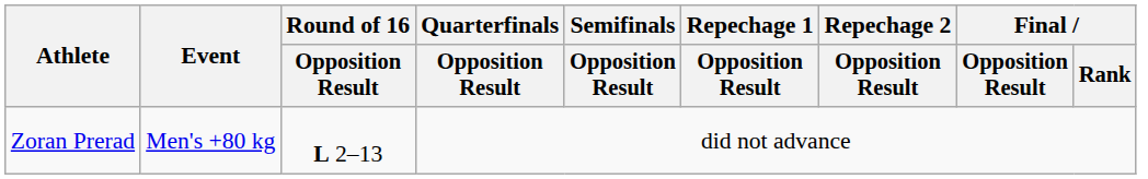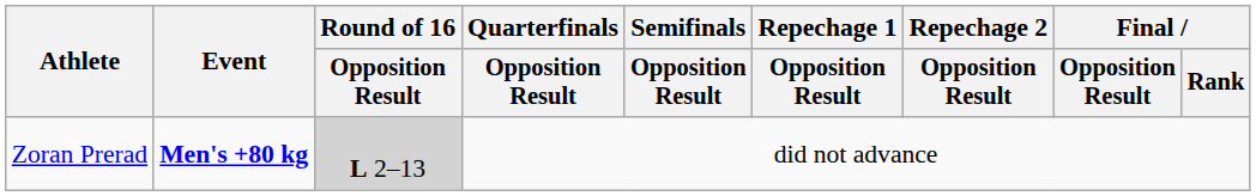 <table class="wikitable" style="font-size:90%;">
 <tr>
 <th rowspan=2>Athlete</th>
 <th rowspan=2>Event</th>
 <th>Round of 16</th>
 <th>Quarterfinals</th>
 <th>Semifinals</th>
 <th>Repechage 1</th>
 <th>Repechage 2</th>
 <th colspan=2>Final / </th>
 </tr>
 <tr style="font-size:95%">
 <th>Opposition<br>Result</th>
 <th>Opposition<br>Result</th>
 <th>Opposition<br>Result</th>
 <th>Opposition<br>Result</th>
 <th>Opposition<br>Result</th>
 <th>Opposition<br>Result</th>
 <th>Rank</th>
 </tr>
 <tr align=center>
 <td align=left><a href='#'>Zoran Prerad</a></td>
-<td align=left><a href='#'>Men's +80 kg</a></td>
-<td><br><strong>L</strong> 2–13</td>
+<td align=left><strong><a href='#'>Men's +80 kg</a></strong></td>
+<td style="background: lightgrey;"><br><strong>L</strong> 2–13</td>
 <td colspan=6>did not advance</td>
 </tr>
 </table>
